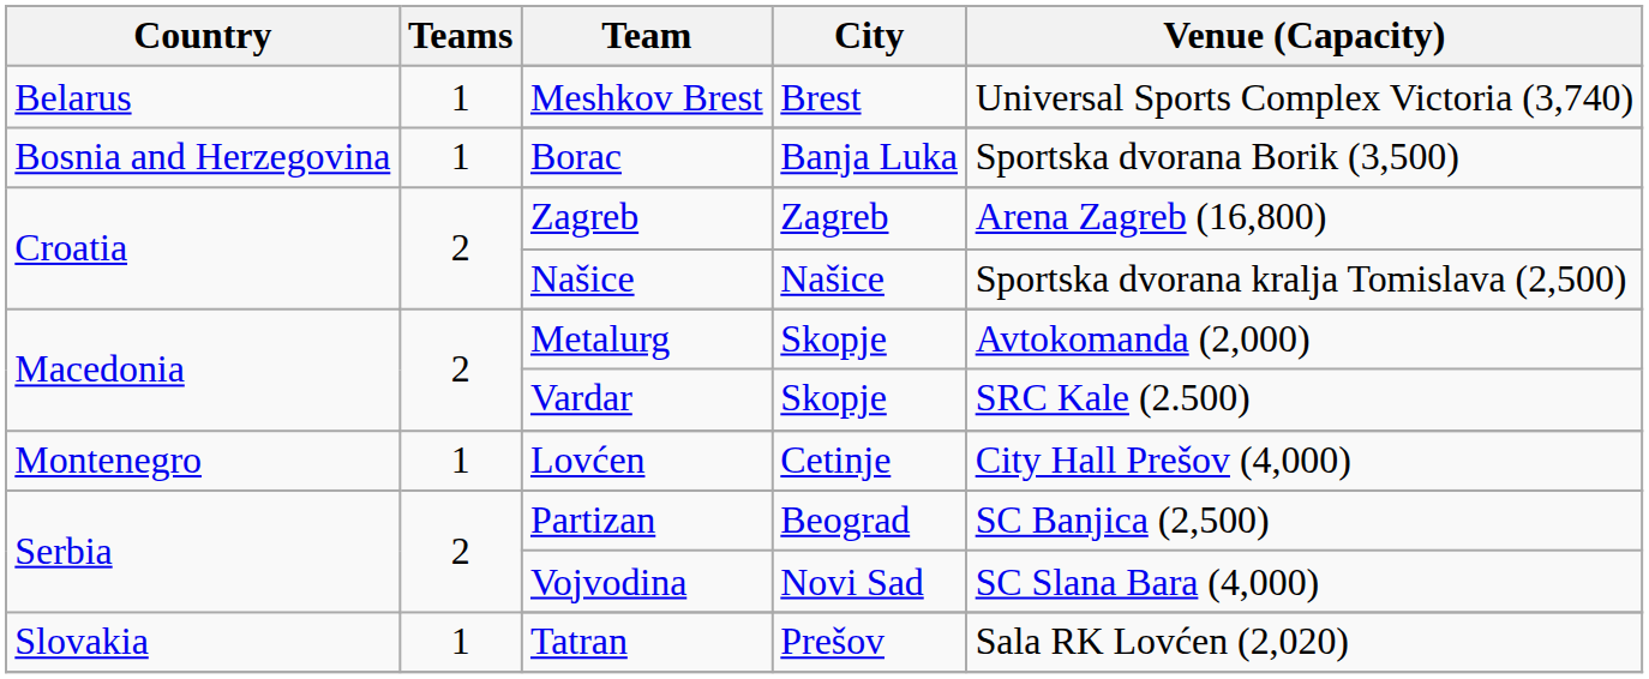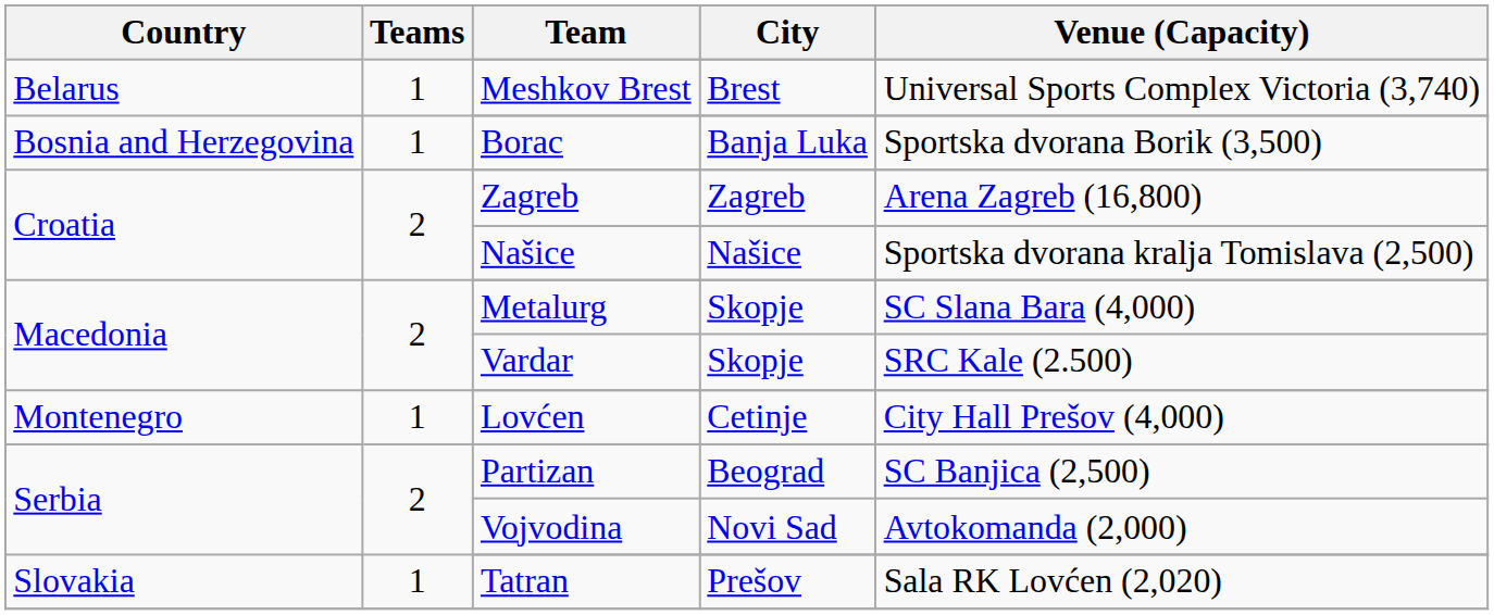 <table class="wikitable">
 <tr>
 <th rowspan=1>Country</th>
 <th colspan=1>Teams</th>
 <th rowspan=1>Team</th>
 <th rowspan=1>City</th>
 <th rowspan=1>Venue (Capacity)</th>
 </tr>
 <tr>
 <td rowspan=2> <a href='#'>Belarus</a></td>
 <td align=center rowspan=2>1</td>
 </tr>
 <tr>
 <td><a href='#'>Meshkov Brest</a></td>
 <td><a href='#'>Brest</a></td>
 <td>Universal Sports Complex Victoria (3,740)</td>
 </tr>
 <tr>
 <td rowspan=2> <a href='#'>Bosnia and Herzegovina</a></td>
 <td align=center rowspan=2>1</td>
 </tr>
 <tr>
 <td><a href='#'>Borac</a></td>
 <td><a href='#'>Banja Luka</a></td>
 <td>Sportska dvorana Borik (3,500)</td>
 </tr>
 <tr>
 <td rowspan=3> <a href='#'>Croatia</a></td>
 <td align=center rowspan=3>2</td>
 </tr>
 <tr>
 <td><a href='#'>Zagreb</a></td>
 <td><a href='#'>Zagreb</a></td>
 <td><a href='#'>Arena Zagreb</a> (16,800)</td>
 </tr>
 <tr>
 <td><a href='#'>Našice</a></td>
 <td><a href='#'>Našice</a></td>
 <td>Sportska dvorana kralja Tomislava (2,500)</td>
 </tr>
 <tr>
 <td rowspan=3> <a href='#'>Macedonia</a></td>
 <td align=center rowspan=3>2</td>
 </tr>
 <tr>
 <td><a href='#'>Metalurg</a></td>
 <td><a href='#'>Skopje</a></td>
-<td><a href='#'>Avtokomanda</a> (2,000)</td>
+<td><a href='#'>SC Slana Bara</a> (4,000)</td>
 </tr>
 <tr>
 <td><a href='#'>Vardar</a></td>
 <td><a href='#'>Skopje</a></td>
 <td><a href='#'>SRC Kale</a> (2.500)</td>
 </tr>
 <tr>
 <td rowspan=2> <a href='#'>Montenegro</a></td>
 <td align=center rowspan=2>1</td>
 </tr>
 <tr>
 <td><a href='#'>Lovćen</a></td>
 <td><a href='#'>Cetinje</a></td>
 <td><a href='#'>City Hall Prešov</a> (4,000)</td>
 </tr>
 <tr>
 <td rowspan=3> <a href='#'>Serbia</a></td>
 <td align=center rowspan=3>2</td>
 </tr>
 <tr>
 <td><a href='#'>Partizan</a></td>
 <td><a href='#'>Beograd</a></td>
 <td><a href='#'>SC Banjica</a> (2,500)</td>
 </tr>
 <tr>
 <td><a href='#'>Vojvodina</a></td>
 <td><a href='#'>Novi Sad</a></td>
-<td><a href='#'>SC Slana Bara</a> (4,000)</td>
+<td><a href='#'>Avtokomanda</a> (2,000)</td>
 </tr>
 <tr>
 <td rowspan=2> <a href='#'>Slovakia</a></td>
 <td align=center rowspan=2>1</td>
 </tr>
 <tr>
 <td><a href='#'>Tatran</a></td>
 <td><a href='#'>Prešov</a></td>
 <td>Sala RK Lovćen (2,020)</td>
 </tr>
 <tr>
 </tr>
 </table>
